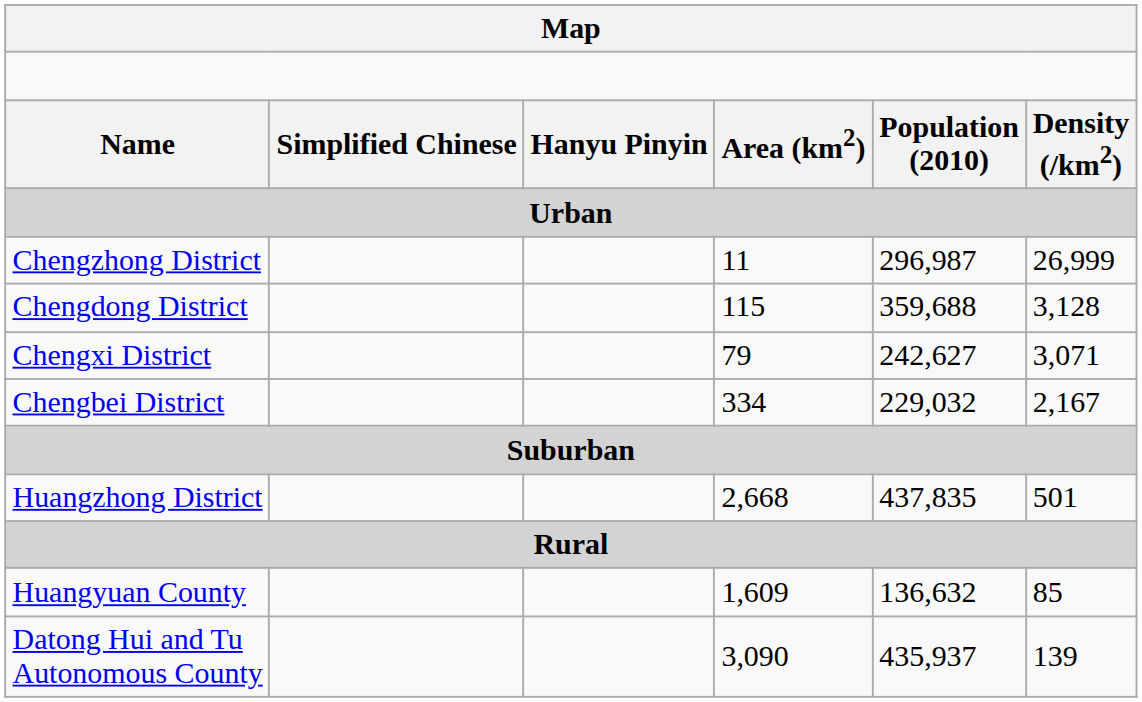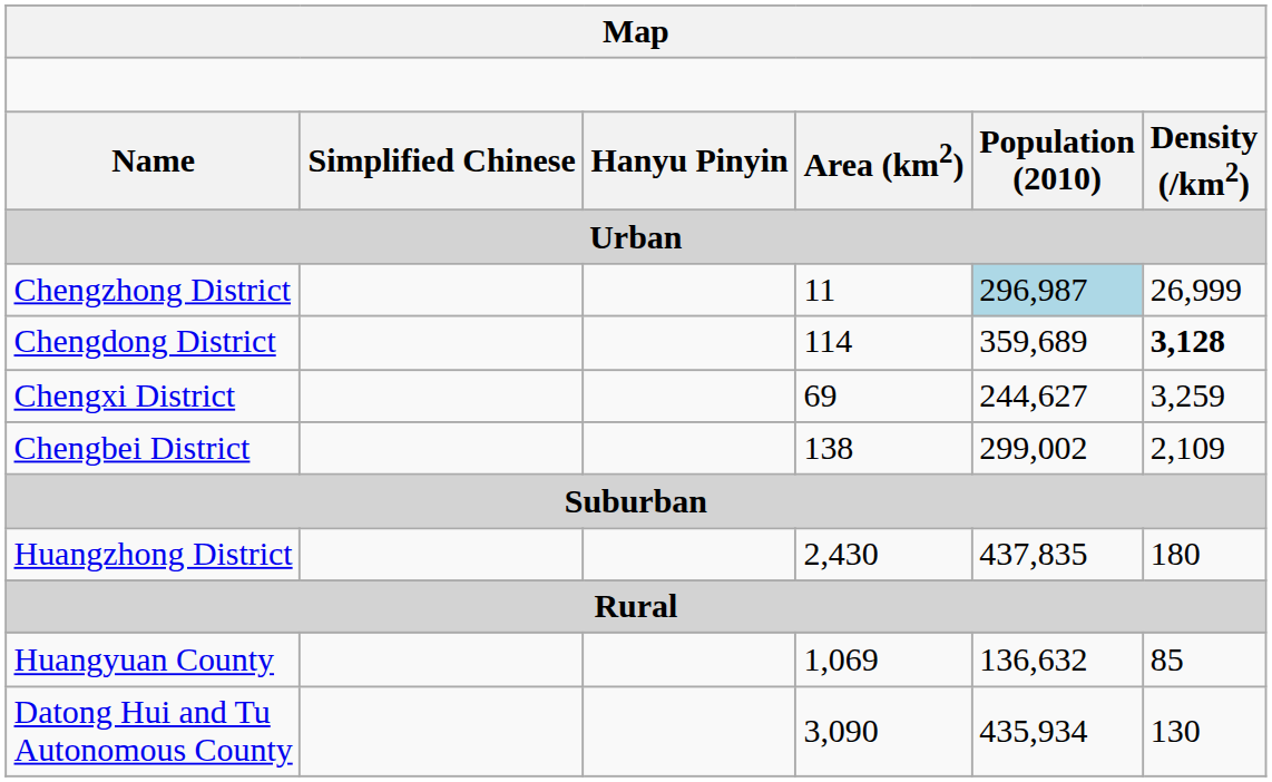 <table class="wikitable"  style="font-size:100%; margin:auto;">
 <tr>
 <th colspan="6">Map</th>
 </tr>
 <tr>
 <td colspan="6"><div><br>          </div></td>
 </tr>
 <tr>
 <th>Name</th>
 <th>Simplified Chinese</th>
 <th>Hanyu Pinyin</th>
 <th>Area (km<sup>2</sup>)</th>
 <th>Population<br>(2010)</th>
 <th>Density<br>(/km<sup>2</sup>)</th>
 </tr>
 <tr>
 <td colspan="8"  style="text-align:center; background:#d3d3d3;"><strong>Urban</strong></td>
 </tr>
 <tr>
 <td><a href='#'>Chengzhong District</a></td>
 <td></td>
 <td></td>
 <td>11</td>
-<td>296,987</td>
+<td style="background: lightblue;">296,987</td>
 <td>26,999</td>
 </tr>
 <tr>
 <td><a href='#'>Chengdong District</a></td>
 <td></td>
 <td></td>
-<td>115</td>
-<td>359,688</td>
-<td>3,128</td>
+<td>114</td>
+<td>359,689</td>
+<td><strong>3,128</strong></td>
 </tr>
 <tr>
 <td><a href='#'>Chengxi District</a></td>
 <td></td>
 <td></td>
-<td>79</td>
-<td>242,627</td>
-<td>3,071</td>
+<td>69</td>
+<td>244,627</td>
+<td>3,259</td>
 </tr>
 <tr>
 <td><a href='#'>Chengbei District</a></td>
 <td></td>
 <td></td>
-<td>334</td>
-<td>229,032</td>
-<td>2,167</td>
+<td>138</td>
+<td>299,002</td>
+<td>2,109</td>
 </tr>
 <tr>
 <td colspan="7"  style="text-align:center; background:#d3d3d3;"><strong>Suburban</strong></td>
 </tr>
 <tr>
 <td><a href='#'>Huangzhong District</a></td>
 <td></td>
 <td></td>
-<td>2,668</td>
+<td>2,430</td>
 <td>437,835</td>
-<td>501</td>
+<td>180</td>
 </tr>
 <tr>
 <td colspan="7"  style="text-align:center; background:#d3d3d3;"><strong>Rural</strong></td>
 </tr>
 <tr>
 <td><a href='#'>Huangyuan County</a></td>
 <td></td>
 <td></td>
-<td>1,609</td>
+<td>1,069</td>
 <td>136,632</td>
 <td>85</td>
 </tr>
 <tr>
 <td><a href='#'>Datong Hui and Tu<br>Autonomous County</a></td>
 <td></td>
 <td></td>
 <td>3,090</td>
-<td>435,937</td>
-<td>139</td>
+<td>435,934</td>
+<td>130</td>
 </tr>
 </table>
